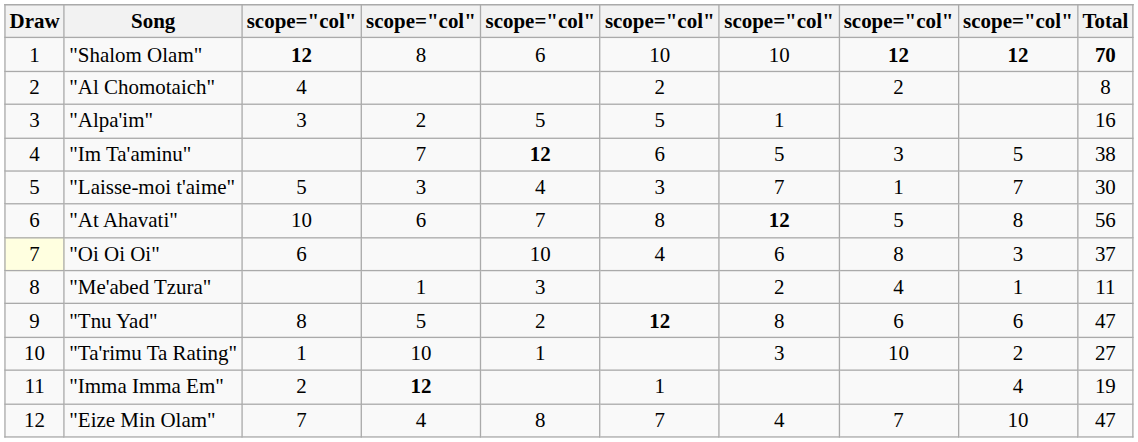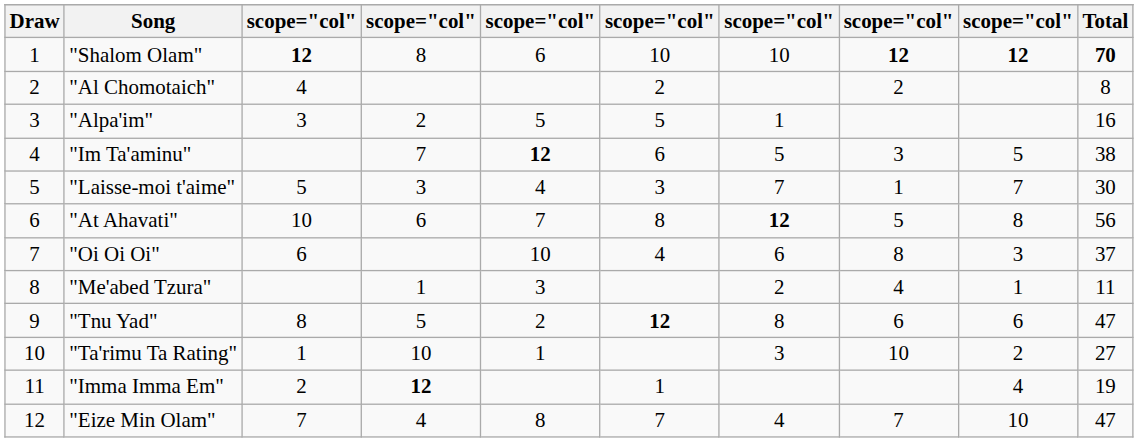 <table class="wikitable plainrowheaders" style="margin: 1em auto 1em auto; text-align:center;">
 <tr>
 </tr>
 <tr>
 <th scope="col">Draw</th>
 <th scope="col">Song</th>
 <th>scope="col" </th>
 <th>scope="col" </th>
 <th>scope="col" </th>
 <th>scope="col" </th>
 <th>scope="col" </th>
 <th>scope="col" </th>
 <th>scope="col" </th>
 <th scope="col">Total</th>
 </tr>
 <tr>
 <td>1</td>
 <td align="left">"Shalom Olam"</td>
 <td><strong>12</strong></td>
 <td>8</td>
 <td>6</td>
 <td>10</td>
 <td>10</td>
 <td><strong>12</strong></td>
 <td><strong>12</strong></td>
 <td><strong>70</strong></td>
 </tr>
 <tr>
 <td>2</td>
 <td align="left">"Al Chomotaich"</td>
 <td>4</td>
 <td></td>
 <td></td>
 <td>2</td>
 <td></td>
 <td>2</td>
 <td></td>
 <td>8</td>
 </tr>
 <tr>
 <td>3</td>
 <td align="left">"Alpa'im"</td>
 <td>3</td>
 <td>2</td>
 <td>5</td>
 <td>5</td>
 <td>1</td>
 <td></td>
 <td></td>
 <td>16</td>
 </tr>
 <tr>
 <td>4</td>
 <td align="left">"Im Ta'aminu"</td>
 <td></td>
 <td>7</td>
 <td><strong>12</strong></td>
 <td>6</td>
 <td>5</td>
 <td>3</td>
 <td>5</td>
 <td>38</td>
 </tr>
 <tr>
 <td>5</td>
 <td align="left">"Laisse-moi t'aime"</td>
 <td>5</td>
 <td>3</td>
 <td>4</td>
 <td>3</td>
 <td>7</td>
 <td>1</td>
 <td>7</td>
 <td>30</td>
 </tr>
 <tr>
 <td>6</td>
 <td align="left">"At Ahavati"</td>
 <td>10</td>
 <td>6</td>
 <td>7</td>
 <td>8</td>
 <td><strong>12</strong></td>
 <td>5</td>
 <td>8</td>
 <td>56</td>
 </tr>
 <tr>
-<td style="background: lightyellow;">7</td>
+<td>7</td>
 <td align="left">"Oi Oi Oi"</td>
 <td>6</td>
 <td></td>
 <td>10</td>
 <td>4</td>
 <td>6</td>
 <td>8</td>
 <td>3</td>
 <td>37</td>
 </tr>
 <tr>
 <td>8</td>
 <td align="left">"Me'abed Tzura"</td>
 <td></td>
 <td>1</td>
 <td>3</td>
 <td></td>
 <td>2</td>
 <td>4</td>
 <td>1</td>
 <td>11</td>
 </tr>
 <tr>
 <td>9</td>
 <td align="left">"Tnu Yad"</td>
 <td>8</td>
 <td>5</td>
 <td>2</td>
 <td><strong>12</strong></td>
 <td>8</td>
 <td>6</td>
 <td>6</td>
 <td>47</td>
 </tr>
 <tr>
 <td>10</td>
 <td align="left">"Ta'rimu Ta Rating"</td>
 <td>1</td>
 <td>10</td>
 <td>1</td>
 <td></td>
 <td>3</td>
 <td>10</td>
 <td>2</td>
 <td>27</td>
 </tr>
 <tr>
 <td>11</td>
 <td align="left">"Imma Imma Em"</td>
 <td>2</td>
 <td><strong>12</strong></td>
 <td></td>
 <td>1</td>
 <td></td>
 <td></td>
 <td>4</td>
 <td>19</td>
 </tr>
 <tr>
 <td>12</td>
 <td align="left">"Eize Min Olam"</td>
 <td>7</td>
 <td>4</td>
 <td>8</td>
 <td>7</td>
 <td>4</td>
 <td>7</td>
 <td>10</td>
 <td>47</td>
 </tr>
 </table>
